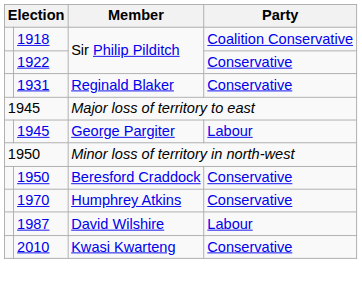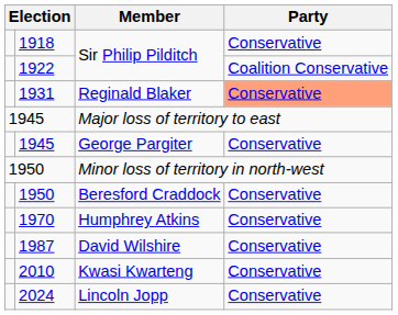 <table class="wikitable">
 <tr>
 <th colspan="2">Election</th>
 <th>Member</th>
 <th>Party</th>
 </tr>
 <tr>
 <td style="color:inherit;background-color: "></td>
 <td><a href='#'>1918</a></td>
 <td rowspan="2">Sir <a href='#'>Philip Pilditch</a></td>
-<td><a href='#'>Coalition Conservative</a></td>
+<td><a href='#'>Conservative</a></td>
 </tr>
 <tr>
 <td style="color:inherit;background-color: "></td>
 <td><a href='#'>1922</a></td>
-<td><a href='#'>Conservative</a></td>
+<td><a href='#'>Coalition Conservative</a></td>
 </tr>
 <tr>
 <td style="color:inherit;background-color: "></td>
 <td><a href='#'>1931</a></td>
 <td><a href='#'>Reginald Blaker</a></td>
-<td><a href='#'>Conservative</a></td>
+<td style="background: lightsalmon;"><a href='#'>Conservative</a></td>
 </tr>
 <tr>
 <td colspan="2">1945</td>
 <td colspan="2"><em>Major loss of territory to east</em></td>
 </tr>
 <tr>
 <td style="color:inherit;background-color: "></td>
 <td><a href='#'>1945</a></td>
 <td><a href='#'>George Pargiter</a></td>
-<td><a href='#'>Labour</a></td>
+<td><a href='#'>Conservative</a></td>
 </tr>
 <tr>
 <td colspan="2">1950</td>
 <td colspan="2"><em>Minor loss of territory in north-west</em></td>
 </tr>
 <tr>
 <td style="color:inherit;background-color: "></td>
 <td><a href='#'>1950</a></td>
 <td><a href='#'>Beresford Craddock</a></td>
 <td><a href='#'>Conservative</a></td>
 </tr>
 <tr>
 <td style="color:inherit;background-color: "></td>
 <td><a href='#'>1970</a></td>
 <td><a href='#'>Humphrey Atkins</a></td>
 <td><a href='#'>Conservative</a></td>
 </tr>
 <tr>
 <td style="color:inherit;background-color: "></td>
 <td><a href='#'>1987</a></td>
 <td><a href='#'>David Wilshire</a></td>
-<td><a href='#'>Labour</a></td>
+<td><a href='#'>Conservative</a></td>
 </tr>
 <tr>
 <td style="color:inherit;background-color: "></td>
 <td><a href='#'>2010</a></td>
 <td><a href='#'>Kwasi Kwarteng</a></td>
 <td><a href='#'>Conservative</a></td>
 </tr>
+<tr>
+<td style="color:inherit;background-color: "></td>
+<td><a href='#'>2024</a></td>
+<td><a href='#'>Lincoln Jopp</a></td>
+<td><a href='#'>Conservative</a></td>
+</tr>
 </table>
